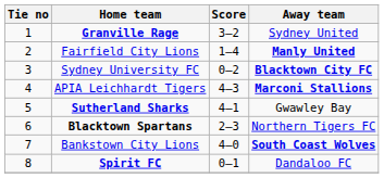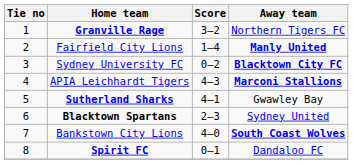 <table class="wikitable" style="text-align: center">
 <tr>
 <th>Tie no</th>
 <th>Home team</th>
 <th>Score</th>
 <th>Away team</th>
 </tr>
 <tr>
 <td>1</td>
 <td><strong><a href='#'>Granville Rage</a></strong></td>
 <td>3–2</td>
-<td><a href='#'>Sydney United</a></td>
+<td><a href='#'>Northern Tigers FC</a></td>
 </tr>
 <tr>
 <td>2</td>
 <td><a href='#'>Fairfield City Lions</a></td>
 <td>1–4</td>
 <td><strong><a href='#'>Manly United</a></strong></td>
 </tr>
 <tr>
 <td>3</td>
 <td><a href='#'>Sydney University FC</a></td>
 <td>0–2</td>
 <td><strong><a href='#'>Blacktown City FC</a></strong></td>
 </tr>
 <tr>
 <td>4</td>
 <td><a href='#'>APIA Leichhardt Tigers</a></td>
 <td>4–3</td>
 <td><strong><a href='#'>Marconi Stallions</a></strong></td>
 </tr>
 <tr>
 <td>5</td>
 <td><strong><a href='#'>Sutherland Sharks</a></strong></td>
 <td>4–1</td>
 <td>Gwawley Bay</td>
 </tr>
 <tr>
 <td>6</td>
 <td><strong>Blacktown Spartans</strong></td>
 <td>2–3</td>
-<td><a href='#'>Northern Tigers FC</a></td>
+<td><a href='#'>Sydney United</a></td>
 </tr>
 <tr>
 <td>7</td>
 <td><a href='#'>Bankstown City Lions</a></td>
 <td>4–0</td>
 <td><strong><a href='#'>South Coast Wolves</a></strong></td>
 </tr>
 <tr>
 <td>8</td>
 <td><strong><a href='#'>Spirit FC</a></strong></td>
 <td>0–1</td>
 <td><a href='#'>Dandaloo FC</a></td>
 </tr>
 <tr>
 </tr>
 </table>
